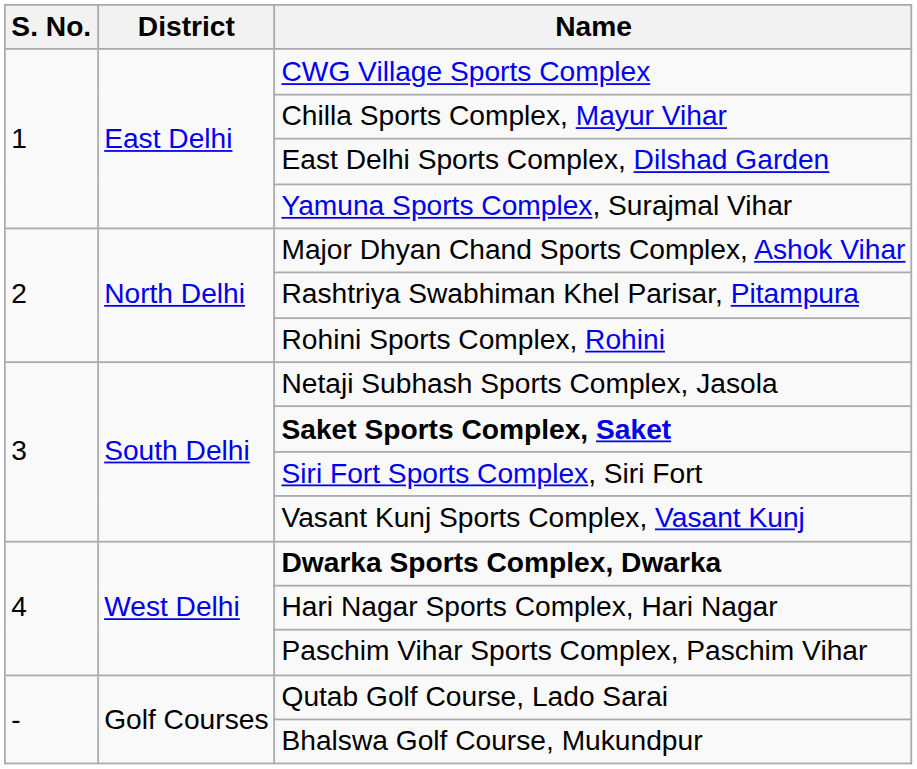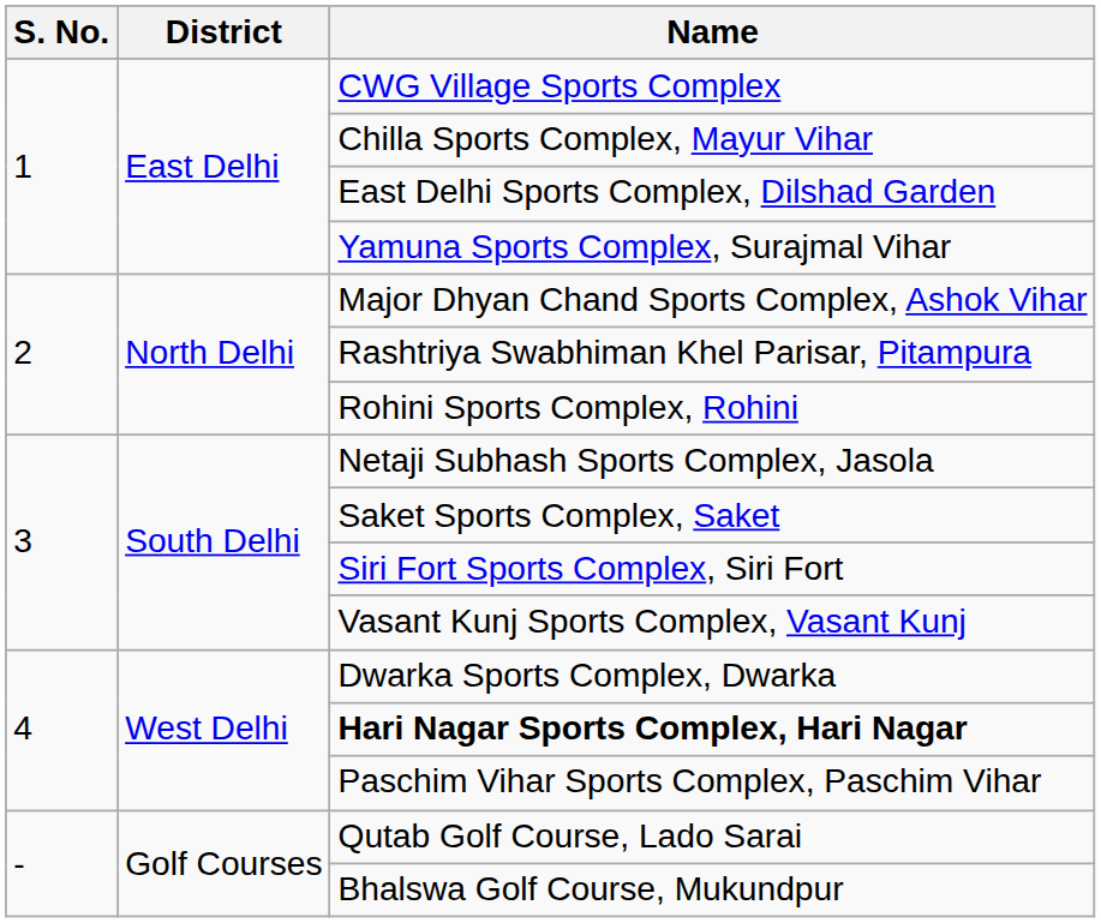 <table class="wikitable">
 <tr>
 <th>S. No.</th>
 <th>District</th>
 <th>Name</th>
 </tr>
 <tr>
 <td rowspan="4">1</td>
 <td rowspan="4"><a href='#'>East Delhi</a></td>
 <td><a href='#'>CWG Village Sports Complex</a></td>
 </tr>
 <tr>
 <td>Chilla Sports Complex, <a href='#'>Mayur Vihar</a></td>
 </tr>
 <tr>
 <td>East Delhi Sports Complex, <a href='#'>Dilshad Garden</a></td>
 </tr>
 <tr>
 <td><a href='#'>Yamuna Sports Complex</a>, Surajmal Vihar</td>
 </tr>
 <tr>
 <td rowspan="3">2</td>
 <td rowspan="3"><a href='#'>North Delhi</a></td>
 <td>Major Dhyan Chand Sports Complex, <a href='#'>Ashok Vihar</a></td>
 </tr>
 <tr>
 <td>Rashtriya Swabhiman Khel Parisar, <a href='#'>Pitampura</a></td>
 </tr>
 <tr>
 <td>Rohini Sports Complex, <a href='#'>Rohini</a></td>
 </tr>
 <tr>
 <td rowspan="4">3</td>
 <td rowspan="4"><a href='#'>South Delhi</a></td>
 <td>Netaji Subhash Sports Complex, Jasola</td>
 </tr>
 <tr>
-<td><strong>Saket Sports Complex, <a href='#'>Saket</a></strong></td>
+<td>Saket Sports Complex, <a href='#'>Saket</a></td>
 </tr>
 <tr>
 <td><a href='#'>Siri Fort Sports Complex</a>, Siri Fort</td>
 </tr>
 <tr>
 <td>Vasant Kunj Sports Complex, <a href='#'>Vasant Kunj</a></td>
 </tr>
 <tr>
 <td rowspan="3">4</td>
 <td rowspan="3"><a href='#'>West Delhi</a></td>
-<td><strong>Dwarka Sports Complex, Dwarka</strong></td>
+<td>Dwarka Sports Complex, Dwarka</td>
 </tr>
 <tr>
-<td>Hari Nagar Sports Complex, Hari Nagar</td>
+<td><strong>Hari Nagar Sports Complex, Hari Nagar</strong></td>
 </tr>
 <tr>
 <td>Paschim Vihar Sports Complex, Paschim Vihar</td>
 </tr>
 <tr>
 <td rowspan="2">-</td>
 <td rowspan="2">Golf Courses</td>
 <td>Qutab Golf Course, Lado Sarai</td>
 </tr>
 <tr>
 <td>Bhalswa Golf Course, Mukundpur</td>
 </tr>
 </table>
